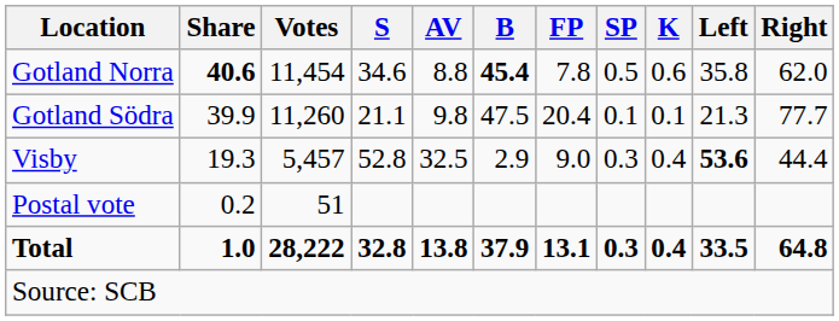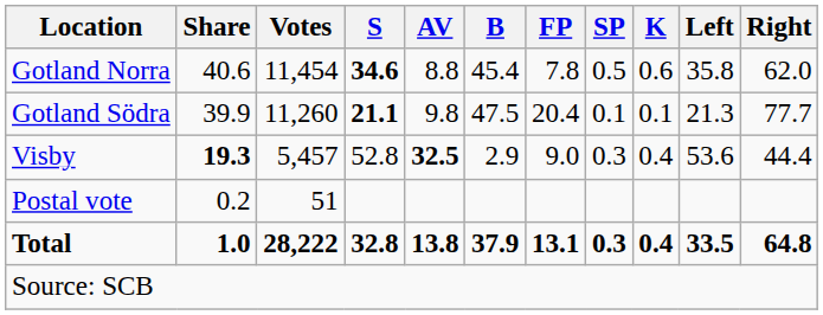 <table class="wikitable sortable" style=text-align:right>
 <tr>
 <th>Location</th>
 <th>Share</th>
 <th>Votes</th>
 <th><a href='#'>S</a></th>
 <th><a href='#'>AV</a></th>
 <th><a href='#'>B</a></th>
 <th><a href='#'>FP</a></th>
 <th><a href='#'>SP</a></th>
 <th><a href='#'>K</a></th>
 <th>Left</th>
 <th>Right</th>
 </tr>
 <tr>
 <td align=left><a href='#'>Gotland Norra</a></td>
-<td><strong>40.6</strong></td>
+<td>40.6</td>
 <td>11,454</td>
-<td>34.6</td>
+<td><strong>34.6</strong></td>
 <td>8.8</td>
-<td><strong>45.4</strong></td>
+<td>45.4</td>
 <td>7.8</td>
 <td>0.5</td>
 <td>0.6</td>
 <td>35.8</td>
 <td>62.0</td>
 </tr>
 <tr>
 <td align=left><a href='#'>Gotland Södra</a></td>
 <td>39.9</td>
 <td>11,260</td>
-<td>21.1</td>
+<td><strong>21.1</strong></td>
 <td>9.8</td>
 <td>47.5</td>
 <td>20.4</td>
 <td>0.1</td>
 <td>0.1</td>
 <td>21.3</td>
 <td>77.7</td>
 </tr>
 <tr>
 <td align=left><a href='#'>Visby</a></td>
-<td>19.3</td>
+<td><strong>19.3</strong></td>
 <td>5,457</td>
 <td>52.8</td>
-<td>32.5</td>
+<td><strong>32.5</strong></td>
 <td>2.9</td>
 <td>9.0</td>
 <td>0.3</td>
 <td>0.4</td>
-<td><strong>53.6</strong></td>
+<td>53.6</td>
 <td>44.4</td>
 </tr>
 <tr>
 <td align=left><a href='#'>Postal vote</a></td>
 <td>0.2</td>
 <td>51</td>
 <td></td>
 <td></td>
 <td></td>
 <td></td>
 <td></td>
 <td></td>
 <td></td>
 <td></td>
 </tr>
 <tr>
 <td align=left><strong>Total</strong></td>
 <td><strong>1.0</strong></td>
 <td><strong>28,222</strong></td>
 <td><strong>32.8</strong></td>
 <td><strong>13.8</strong></td>
 <td><strong>37.9</strong></td>
 <td><strong>13.1</strong></td>
 <td><strong>0.3</strong></td>
 <td><strong>0.4</strong></td>
 <td><strong>33.5</strong></td>
 <td><strong>64.8</strong></td>
 </tr>
 <tr>
 <td align=left colspan=11>Source: SCB </td>
 </tr>
 </table>
